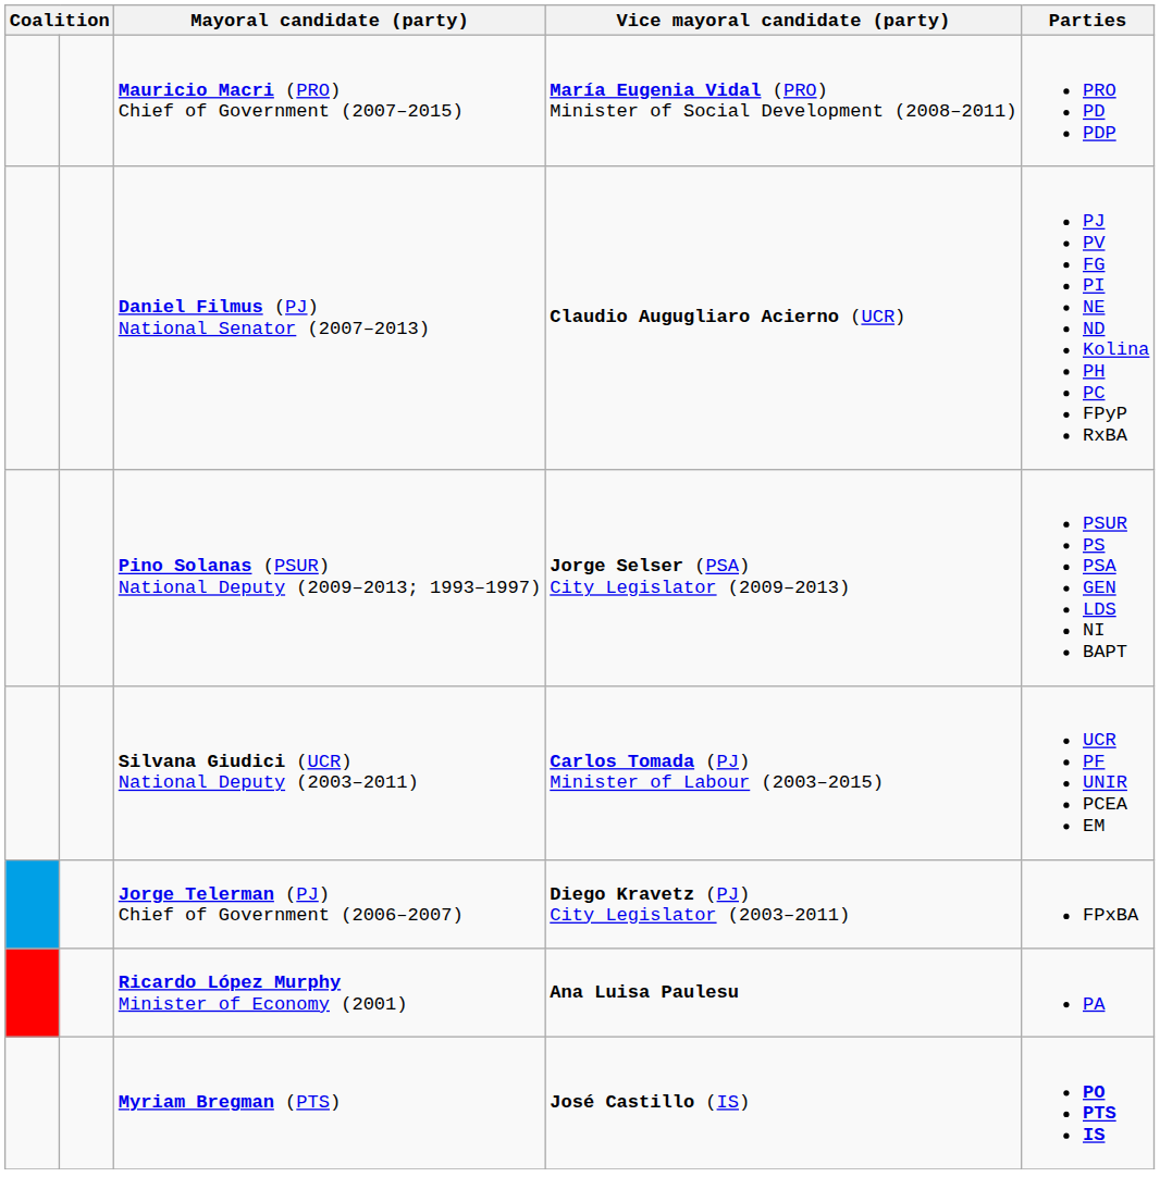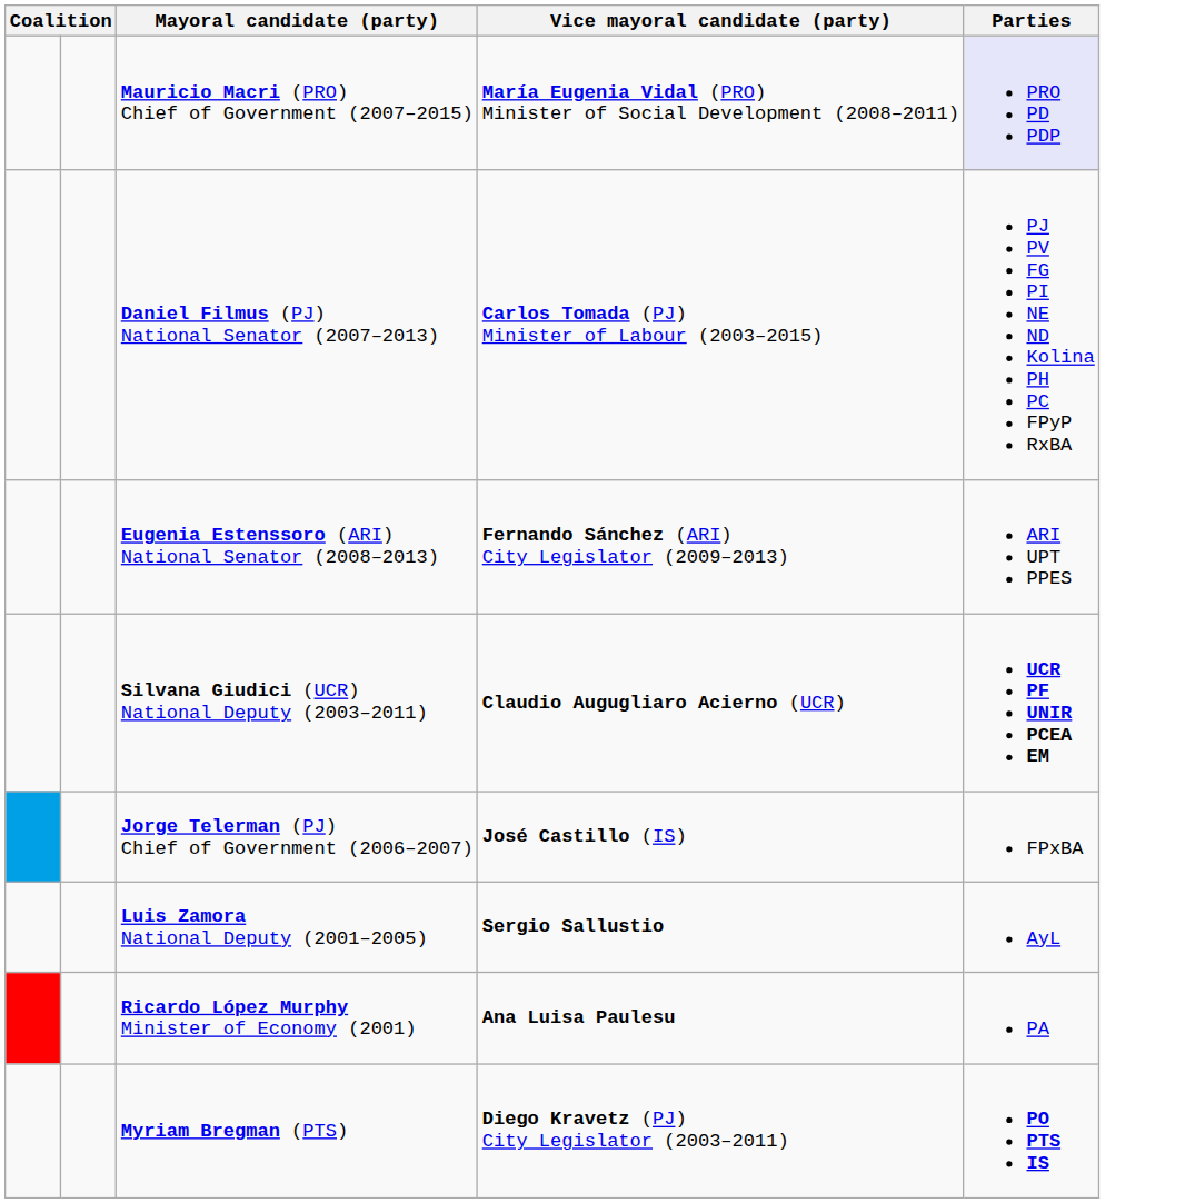 <table class="vertical-align-top wikitable">
 <tr>
 <th scope=colgroup colspan=2>Coalition</th>
 <th scope=colgroup>Mayoral candidate (party)<br></th>
 <th scope=colgroup>Vice mayoral candidate (party)<br></th>
 <th scope=col>Parties</th>
 </tr>
 <tr>
 <td style="background:"></td>
 <td style="text-align:center; line-height:1.3"></td>
 <td><strong><a href='#'>Mauricio Macri</a></strong> (<a href='#'>PRO</a>)<br>Chief of Government (2007–2015)</td>
 <td><strong><a href='#'>María Eugenia Vidal</a></strong> (<a href='#'>PRO</a>)<br>Minister of Social Development (2008–2011)</td>
-<td><br><ul><li><a href='#'>PRO</a></li><li><a href='#'>PD</a></li><li><a href='#'>PDP</a></li></ul></td>
+<td style="background: lavender;"><br><ul><li><a href='#'>PRO</a></li><li><a href='#'>PD</a></li><li><a href='#'>PDP</a></li></ul></td>
 </tr>
 <tr>
 <td style="background:"></td>
 <td style="text-align:center; line-height:1.3"></td>
 <td><strong><a href='#'>Daniel Filmus</a></strong> (<a href='#'>PJ</a>)<br><a href='#'>National Senator</a> (2007–2013)</td>
-<td><strong>Claudio Augugliaro Acierno</strong> (<a href='#'>UCR</a>)</td>
+<td><strong><a href='#'>Carlos Tomada</a></strong> (<a href='#'>PJ</a>)<br><a href='#'>Minister of Labour</a> (2003–2015)</td>
 <td><br><ul><li><a href='#'>PJ</a></li><li><a href='#'>PV</a></li><li><a href='#'>FG</a></li><li><a href='#'>PI</a></li><li><a href='#'>NE</a></li><li><a href='#'>ND</a></li><li><a href='#'>Kolina</a></li><li><a href='#'>PH</a></li><li><a href='#'>PC</a></li><li>FPyP</li><li>RxBA</li></ul></td>
 </tr>
 <tr>
 <td style=background:></td>
 <td style="text-align:center; line-height:1.3"></td>
-<td><strong><a href='#'>Pino Solanas</a></strong> (<a href='#'>PSUR</a>)<br><a href='#'>National Deputy</a> (2009–2013; 1993–1997)</td>
-<td><strong>Jorge Selser</strong> (<a href='#'>PSA</a>)<br><a href='#'>City Legislator</a> (2009–2013)</td>
-<td><br><ul><li><a href='#'>PSUR</a></li><li><a href='#'>PS</a></li><li><a href='#'>PSA</a></li><li><a href='#'>GEN</a></li><li><a href='#'>LDS</a></li><li>NI</li><li>BAPT</li></ul></td>
+<td><strong><a href='#'>Eugenia Estenssoro</a></strong> (<a href='#'>ARI</a>)<br><a href='#'>National Senator</a> (2008–2013)</td>
+<td><strong>Fernando Sánchez</strong> (<a href='#'>ARI</a>)<br><a href='#'>City Legislator</a> (2009–2013)</td>
+<td><br><ul><li><a href='#'>ARI</a></li><li>UPT</li><li>PPES</li></ul></td>
 </tr>
 <tr>
 <td style=background:></td>
 <td style="text-align:center; line-height:1.3"></td>
 <td><strong>Silvana Giudici</strong> (<a href='#'>UCR</a>)<br><a href='#'>National Deputy</a> (2003–2011)</td>
-<td><strong><a href='#'>Carlos Tomada</a></strong> (<a href='#'>PJ</a>)<br><a href='#'>Minister of Labour</a> (2003–2015)</td>
-<td><br><ul><li><a href='#'>UCR</a></li><li><a href='#'>PF</a></li><li><a href='#'>UNIR</a></li><li>PCEA</li><li>EM</li></ul></td>
+<td><strong>Claudio Augugliaro Acierno</strong> (<a href='#'>UCR</a>)</td>
+<td><strong><br><ul><li><a href='#'>UCR</a></li><li><a href='#'>PF</a></li><li><a href='#'>UNIR</a></li><li>PCEA</li><li>EM</li></ul></strong></td>
 </tr>
 <tr>
 <td style=background:#00A0E6></td>
 <td style="text-align:center; line-height:1.3"></td>
 <td><strong><a href='#'>Jorge Telerman</a></strong> (<a href='#'>PJ</a>)<br>Chief of Government (2006–2007)</td>
-<td><strong>Diego Kravetz</strong> (<a href='#'>PJ</a>)<br><a href='#'>City Legislator</a> (2003–2011)</td>
+<td><strong>José Castillo</strong> (<a href='#'>IS</a>)</td>
 <td><br><ul><li>FPxBA</li></ul></td>
+</tr>
+<tr>
+<td style=background:></td>
+<td style="text-align:center; line-height:1.3"></td>
+<td><strong><a href='#'>Luis Zamora</a></strong><br><a href='#'>National Deputy</a> (2001–2005)</td>
+<td><strong>Sergio Sallustio</strong></td>
+<td><br><ul><li><a href='#'>AyL</a></li></ul></td>
 </tr>
 <tr>
 <td style=background:red></td>
 <td style="text-align:center; line-height:1.3"></td>
 <td><strong><a href='#'>Ricardo López Murphy</a></strong><br><a href='#'>Minister of Economy</a> (2001)</td>
 <td><strong>Ana Luisa Paulesu</strong></td>
 <td><br><ul><li><a href='#'>PA</a></li></ul></td>
 </tr>
 <tr>
 <td style=background:></td>
 <td style="text-align:center; line-height:1.3"></td>
 <td><strong><a href='#'>Myriam Bregman</a></strong> (<a href='#'>PTS</a>)</td>
-<td><strong>José Castillo</strong> (<a href='#'>IS</a>)</td>
+<td><strong>Diego Kravetz</strong> (<a href='#'>PJ</a>)<br><a href='#'>City Legislator</a> (2003–2011)</td>
 <td><strong><br><ul><li><a href='#'>PO</a></li><li><a href='#'>PTS</a></li><li><a href='#'>IS</a></li></ul></strong></td>
 </tr>
 </table>
